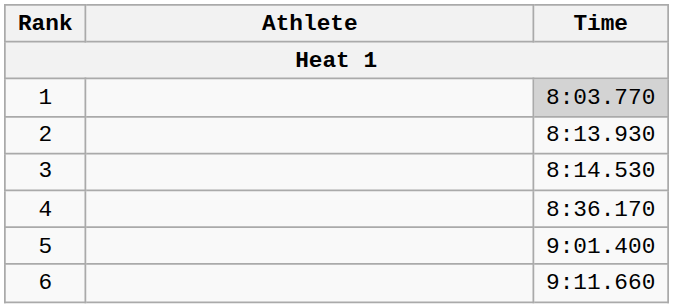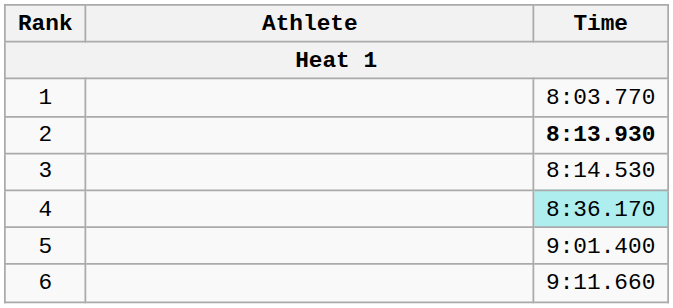 <table class=wikitable style="text-align:center">
 <tr>
 <th width=40>Rank</th>
 <th width=250>Athlete</th>
 <th width=70>Time</th>
 </tr>
 <tr>
 <th colspan=3>Heat 1</th>
 </tr>
 <tr>
 <td>1</td>
 <td style="text-align:left"></td>
-<td style="background: lightgrey;">8:03.770</td>
+<td>8:03.770</td>
 </tr>
 <tr>
 <td>2</td>
 <td style="text-align:left"></td>
-<td>8:13.930</td>
+<td><strong>8:13.930</strong></td>
 </tr>
 <tr>
 <td>3</td>
 <td style="text-align:left"></td>
 <td>8:14.530</td>
 </tr>
 <tr>
 <td>4</td>
 <td style="text-align:left"></td>
-<td>8:36.170</td>
+<td style="background: paleturquoise;">8:36.170</td>
 </tr>
 <tr>
 <td>5</td>
 <td style="text-align:left"></td>
 <td>9:01.400</td>
 </tr>
 <tr>
 <td>6</td>
 <td style="text-align:left"></td>
 <td>9:11.660</td>
 </tr>
 </table>
